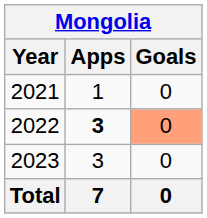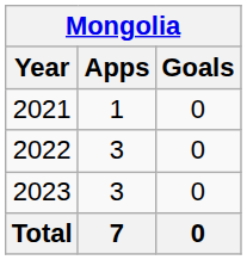 <table class="wikitable" style="text-align:center">
 <tr>
 <th colspan=3><a href='#'>Mongolia</a></th>
 </tr>
 <tr>
 <th>Year</th>
 <th>Apps</th>
 <th>Goals</th>
 </tr>
 <tr>
 <td>2021</td>
 <td>1</td>
 <td>0</td>
 </tr>
 <tr>
 <td>2022</td>
-<td><strong>3</strong></td>
-<td style="background: lightsalmon;">0</td>
+<td>3</td>
+<td>0</td>
 </tr>
 <tr>
 <td>2023</td>
 <td>3</td>
 <td>0</td>
 </tr>
 <tr>
 <th>Total</th>
 <th>7</th>
 <th>0</th>
 </tr>
 </table>
